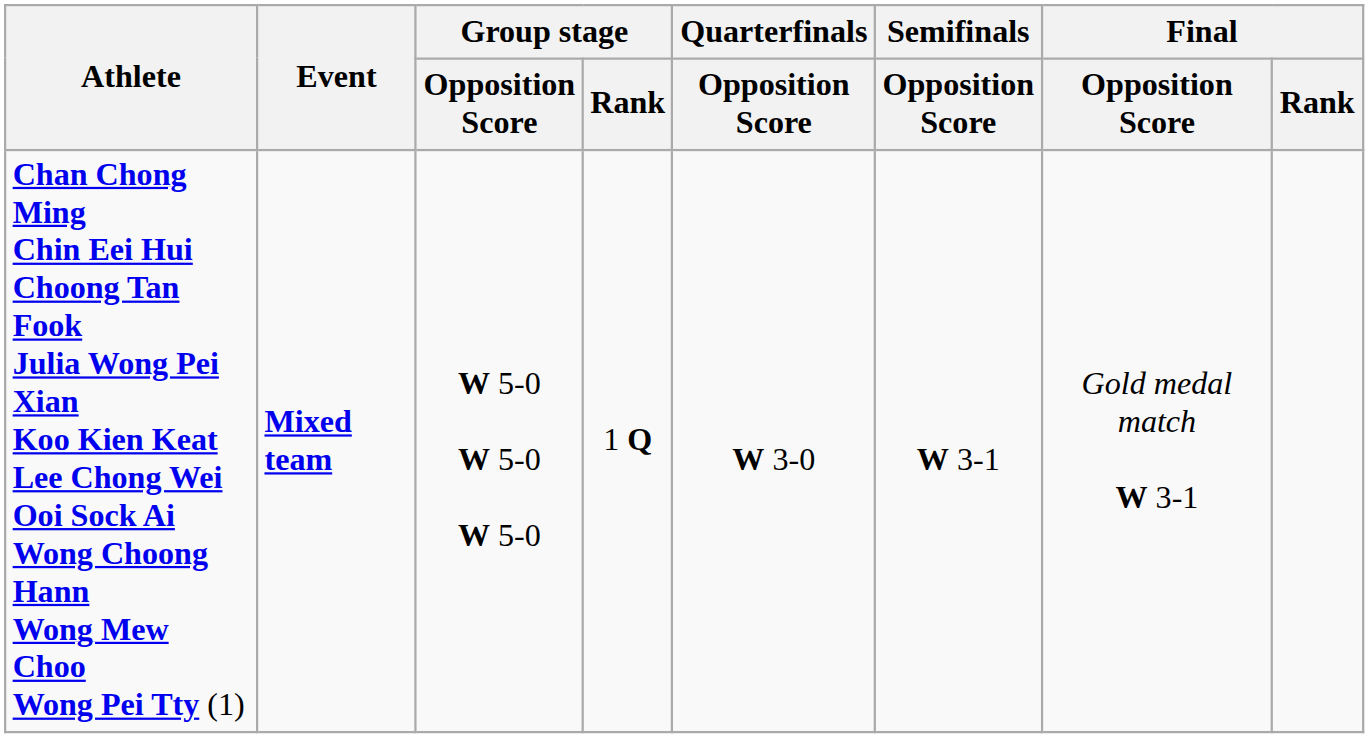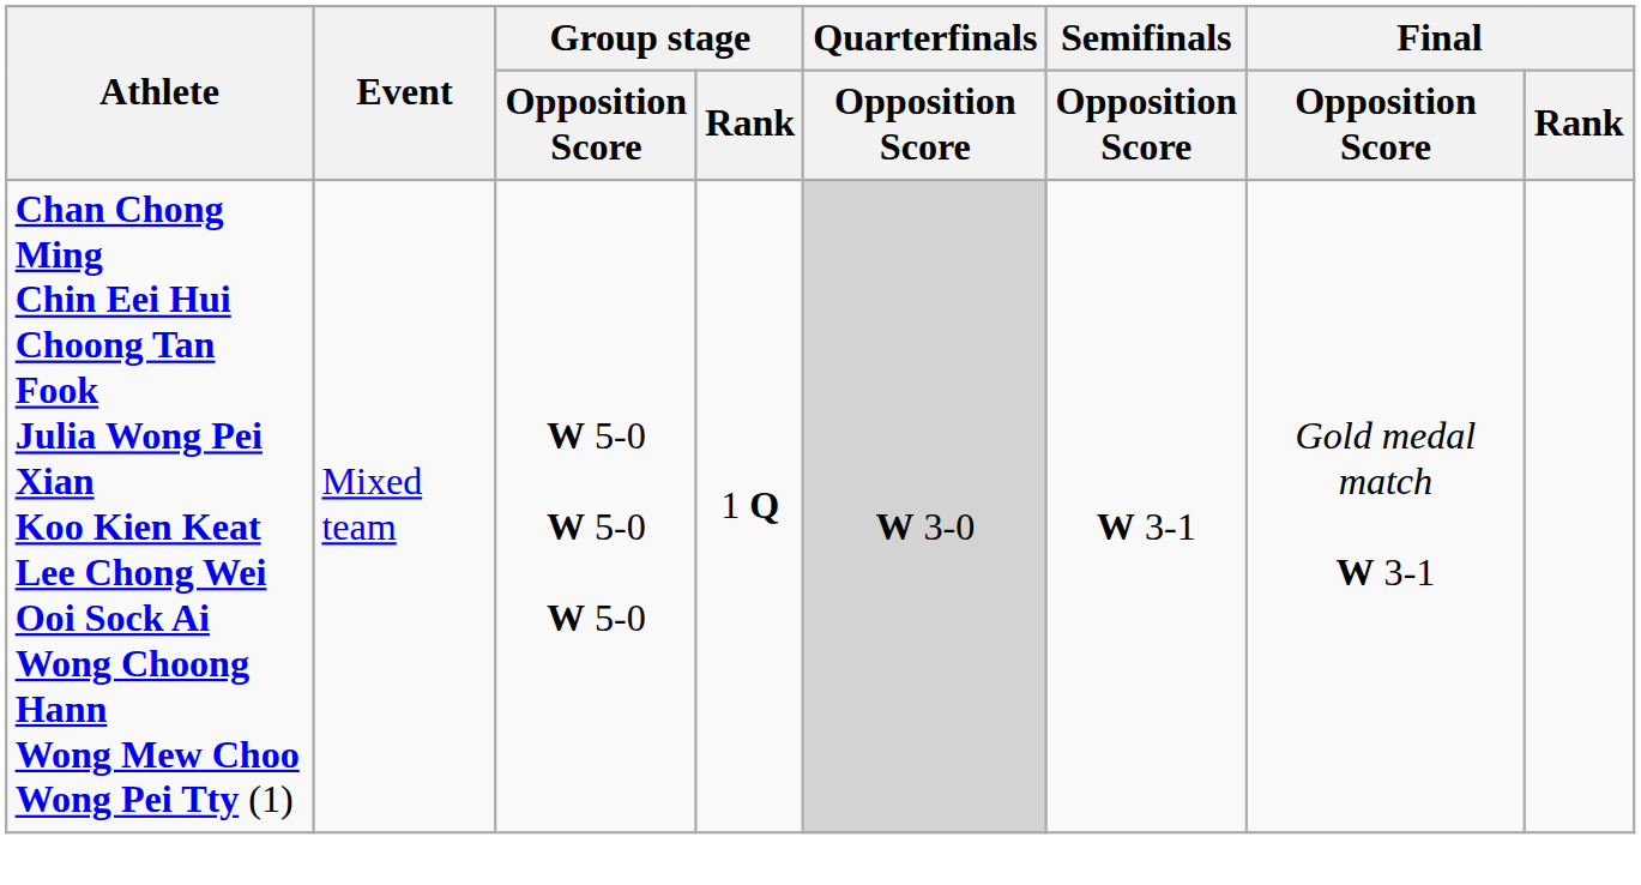 <table class=wikitable style="font-size:90%">
 <tr>
 <th rowspan=2>Athlete</th>
 <th rowspan=2>Event</th>
 <th colspan=2>Group stage</th>
 <th>Quarterfinals</th>
 <th>Semifinals</th>
 <th colspan=2>Final</th>
 </tr>
 <tr>
 <th>Opposition<br>Score</th>
 <th>Rank</th>
 <th>Opposition<br>Score</th>
 <th>Opposition<br>Score</th>
 <th>Opposition<br>Score</th>
 <th>Rank</th>
 </tr>
 <tr align=center>
 <td align=left><strong><a href='#'>Chan Chong Ming</a><br><a href='#'>Chin Eei Hui</a><br><a href='#'>Choong Tan Fook</a><br><a href='#'>Julia Wong Pei Xian</a><br><a href='#'>Koo Kien Keat</a><br><a href='#'>Lee Chong Wei</a><br><a href='#'>Ooi Sock Ai</a><br><a href='#'>Wong Choong Hann</a><br><a href='#'>Wong Mew Choo</a><br><a href='#'>Wong Pei Tty</a></strong> (1)</td>
-<td align=left><strong><a href='#'>Mixed team</a></strong></td>
+<td align=left><a href='#'>Mixed team</a></td>
 <td><br><strong>W</strong> 5-0<br><br><strong>W</strong> 5-0<br><br><strong>W</strong> 5-0</td>
 <td>1 <strong>Q</strong></td>
-<td><br><strong>W</strong> 3-0</td>
+<td style="background: lightgrey;"><br><strong>W</strong> 3-0</td>
 <td><br><strong>W</strong> 3-1</td>
 <td><em>Gold medal match</em><br><br><strong>W</strong> 3-1</td>
 <td></td>
 </tr>
 </table>
